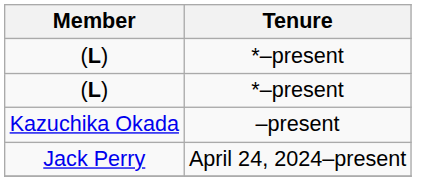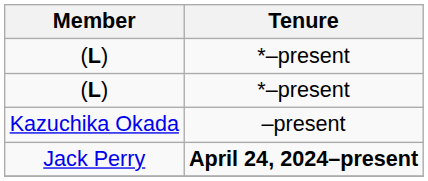 <table class="wikitable sortable" style="text-align:center;">
 <tr>
 <th>Member</th>
 <th>Tenure</th>
 </tr>
 <tr>
 <td> (<strong>L</strong>)</td>
 <td>*–present</td>
 </tr>
 <tr>
 <td> (<strong>L</strong>)</td>
 <td>*–present</td>
 </tr>
 <tr>
 <td><a href='#'>Kazuchika Okada</a></td>
 <td>–present</td>
 </tr>
 <tr>
 <td><a href='#'>Jack Perry</a></td>
-<td>April 24, 2024–present</td>
+<td><strong>April 24, 2024–present</strong></td>
 </tr>
 <tr>
 </tr>
 </table>
